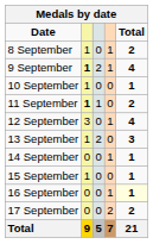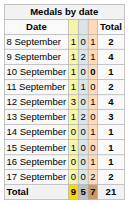 <table class="wikitable" style="text-align:center;font-size:90%">
 <tr style="background:#efefef;">
 <th colspan=7><strong>Medals by date</strong></th>
 </tr>
 <tr>
 <td><strong>Date</strong></td>
 <td bgcolor=#f7f6a8></td>
 <td bgcolor=#dce5e5></td>
 <td bgcolor=#ffdab9></td>
 <td><strong>Total</strong></td>
 </tr>
 <tr>
 <td style="text-align:left;">8 September</td>
 <td style="background:#F7F6A8;">1</td>
 <td style="background:#DCE5E5;">0</td>
 <td style="background:#FFDAB9;">1</td>
 <td><strong>2</strong></td>
 </tr>
 <tr>
 <td style="text-align:left;">9 September</td>
-<td style="background:#F7F6A8;"><strong>1</strong></td>
+<td style="background:#F7F6A8;">1</td>
 <td style="background:#DCE5E5;">2</td>
 <td style="background:#FFDAB9;">1</td>
 <td><strong>4</strong></td>
 </tr>
 <tr>
 <td style="text-align:left;">10 September</td>
 <td style="background:#F7F6A8;">1</td>
 <td style="background:#DCE5E5;">0</td>
-<td style="background:#FFDAB9;">0</td>
+<td style="background:#FFDAB9;"><strong>0</strong></td>
 <td><strong>1</strong></td>
 </tr>
 <tr>
 <td style="text-align:left;">11 September</td>
-<td style="background:#F7F6A8;"><strong>1</strong></td>
+<td style="background:#F7F6A8;">1</td>
 <td style="background:#DCE5E5;">1</td>
 <td style="background:#FFDAB9;">0</td>
 <td><strong>2</strong></td>
 </tr>
 <tr>
 <td style="text-align:left;">12 September</td>
 <td style="background:#F7F6A8;">3</td>
 <td style="background:#DCE5E5;">0</td>
 <td style="background:#FFDAB9;">1</td>
 <td><strong>4</strong></td>
 </tr>
 <tr>
 <td style="text-align:left;">13 September</td>
 <td style="background:#F7F6A8;">1</td>
 <td style="background:#DCE5E5;">2</td>
 <td style="background:#FFDAB9;">0</td>
 <td><strong>3</strong></td>
 </tr>
 <tr>
 <td style="text-align:left;">14 September</td>
 <td style="background:#F7F6A8;">0</td>
 <td style="background:#DCE5E5;">0</td>
 <td style="background:#FFDAB9;">1</td>
 <td><strong>1</strong></td>
 </tr>
 <tr>
 <td style="text-align:left;">15 September</td>
 <td style="background:#F7F6A8;">1</td>
 <td style="background:#DCE5E5;">0</td>
 <td style="background:#FFDAB9;">0</td>
 <td><strong>1</strong></td>
 </tr>
 <tr>
 <td style="text-align:left;">16 September</td>
 <td style="background:#F7F6A8;">0</td>
 <td style="background:#DCE5E5;">0</td>
 <td style="background:#FFDAB9;">1</td>
-<td style="background: lightyellow;"><strong>1</strong></td>
+<td><strong>1</strong></td>
 </tr>
 <tr>
 <td style="text-align:left;">17 September</td>
 <td style="background:#F7F6A8;">0</td>
 <td style="background:#DCE5E5;">0</td>
 <td style="background:#FFDAB9;">2</td>
 <td><strong>2</strong></td>
 </tr>
 <tr>
 <th style="text-align:left;"><strong>Total</strong></th>
 <th style="background:gold;"><strong>9</strong></th>
 <th style="background:silver;"><strong>5</strong></th>
 <th style="background:#c96;"><strong>7</strong></th>
 <th><strong>21</strong></th>
 </tr>
 </table>
